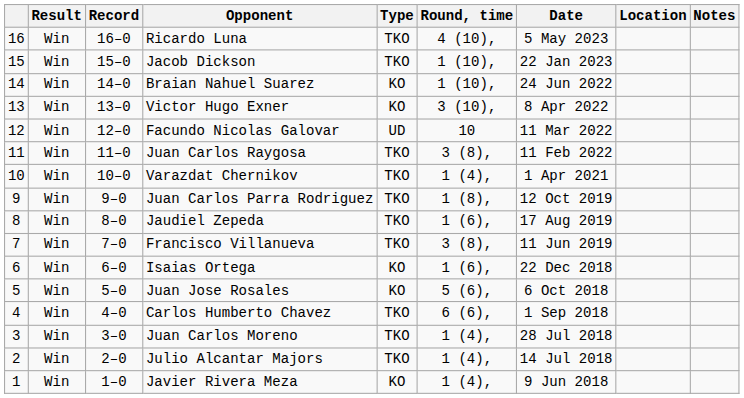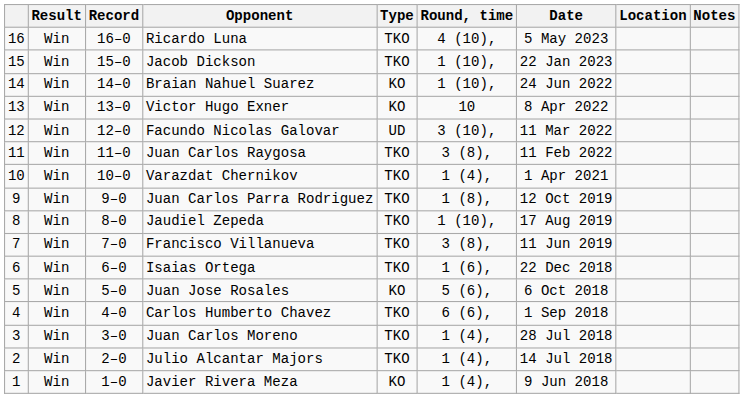 <table class="wikitable" style="text-align:center;">
 <tr>
 <th></th>
 <th>Result</th>
 <th>Record</th>
 <th>Opponent</th>
 <th>Type</th>
 <th>Round, time</th>
 <th>Date</th>
 <th>Location</th>
 <th>Notes</th>
 </tr>
 <tr>
 <td>16</td>
 <td>Win</td>
 <td>16–0</td>
 <td style="text-align:left;"> Ricardo Luna</td>
 <td>TKO</td>
 <td>4 (10), </td>
 <td>5 May 2023</td>
 <td style="text-align:left;"> </td>
 <td style="text-align:left;"></td>
 </tr>
 <tr>
 <td>15</td>
 <td>Win</td>
 <td>15–0</td>
 <td style="text-align:left;"> Jacob Dickson</td>
 <td>TKO</td>
 <td>1 (10), </td>
 <td>22 Jan 2023</td>
 <td style="text-align:left;"> </td>
 <td style="text-align:left;"></td>
 </tr>
 <tr>
 <td>14</td>
 <td>Win</td>
 <td>14–0</td>
 <td style="text-align:left;"> Braian Nahuel Suarez</td>
 <td>KO</td>
 <td>1 (10), </td>
 <td>24 Jun 2022</td>
 <td style="text-align:left;"> </td>
 <td style="text-align:left;"></td>
 </tr>
 <tr>
 <td>13</td>
 <td>Win</td>
 <td>13–0</td>
 <td style="text-align:left;"> Victor Hugo Exner</td>
 <td>KO</td>
-<td>3 (10), </td>
+<td>10</td>
 <td>8 Apr 2022</td>
 <td style="text-align:left;"> </td>
 <td style="text-align:left;"></td>
 </tr>
 <tr>
 <td>12</td>
 <td>Win</td>
 <td>12–0</td>
 <td style="text-align:left;"> Facundo Nicolas Galovar</td>
 <td>UD</td>
-<td>10</td>
+<td>3 (10), </td>
 <td>11 Mar 2022</td>
 <td style="text-align:left;"> </td>
 <td style="text-align:left;"></td>
 </tr>
 <tr>
 <td>11</td>
 <td>Win</td>
 <td>11–0</td>
 <td style="text-align:left;"> Juan Carlos Raygosa</td>
 <td>TKO</td>
 <td>3 (8), </td>
 <td>11 Feb 2022</td>
 <td style="text-align:left;"> </td>
 <td></td>
 </tr>
 <tr>
 <td>10</td>
 <td>Win</td>
 <td>10–0</td>
 <td style="text-align:left;"> Varazdat Chernikov</td>
 <td>TKO</td>
 <td>1 (4), </td>
 <td>1 Apr 2021</td>
 <td style="text-align:left;"> </td>
 <td></td>
 </tr>
 <tr>
 <td>9</td>
 <td>Win</td>
 <td>9–0</td>
 <td style="text-align:left;"> Juan Carlos Parra Rodriguez</td>
 <td>TKO</td>
 <td>1 (8), </td>
 <td>12 Oct 2019</td>
 <td style="text-align:left;"> </td>
 <td></td>
 </tr>
 <tr>
 <td>8</td>
 <td>Win</td>
 <td>8–0</td>
 <td style="text-align:left;"> Jaudiel Zepeda</td>
 <td>TKO</td>
-<td>1 (6), </td>
+<td>1 (10), </td>
 <td>17 Aug 2019</td>
 <td style="text-align:left;"> </td>
 <td></td>
 </tr>
 <tr>
 <td>7</td>
 <td>Win</td>
 <td>7–0</td>
 <td style="text-align:left;"> Francisco Villanueva</td>
 <td>TKO</td>
 <td>3 (8), </td>
 <td>11 Jun 2019</td>
 <td style="text-align:left;"> </td>
 <td></td>
 </tr>
 <tr>
 <td>6</td>
 <td>Win</td>
 <td>6–0</td>
 <td style="text-align:left;"> Isaias Ortega</td>
-<td>KO</td>
+<td>TKO</td>
 <td>1 (6), </td>
 <td>22 Dec 2018</td>
 <td style="text-align:left;"> </td>
 <td></td>
 </tr>
 <tr>
 <td>5</td>
 <td>Win</td>
 <td>5–0</td>
 <td style="text-align:left;"> Juan Jose Rosales</td>
 <td>KO</td>
 <td>5 (6), </td>
 <td>6 Oct 2018</td>
 <td style="text-align:left;"> </td>
 <td></td>
 </tr>
 <tr>
 <td>4</td>
 <td>Win</td>
 <td>4–0</td>
 <td style="text-align:left;"> Carlos Humberto Chavez</td>
 <td>TKO</td>
 <td>6 (6), </td>
 <td>1 Sep 2018</td>
 <td style="text-align:left;"> </td>
 <td></td>
 </tr>
 <tr>
 <td>3</td>
 <td>Win</td>
 <td>3–0</td>
 <td style="text-align:left;"> Juan Carlos Moreno</td>
 <td>TKO</td>
 <td>1 (4), </td>
 <td>28 Jul 2018</td>
 <td style="text-align:left;"> </td>
 <td></td>
 </tr>
 <tr>
 <td>2</td>
 <td>Win</td>
 <td>2–0</td>
 <td style="text-align:left;"> Julio Alcantar Majors</td>
 <td>TKO</td>
 <td>1 (4), </td>
 <td>14 Jul 2018</td>
 <td style="text-align:left;"> </td>
 <td></td>
 </tr>
 <tr>
 <td>1</td>
 <td>Win</td>
 <td>1–0</td>
 <td style="text-align:left;"> Javier Rivera Meza</td>
 <td>KO</td>
 <td>1 (4), </td>
 <td>9 Jun 2018</td>
 <td style="text-align:left;"> </td>
 <td></td>
 </tr>
 </table>
